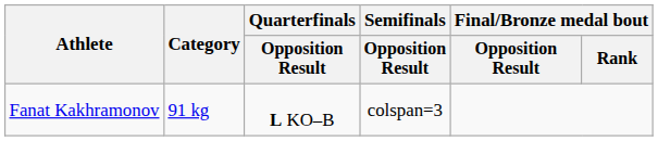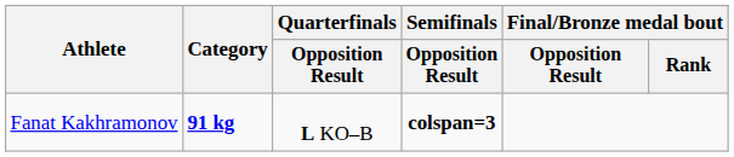 <table class="wikitable" style="text-align:center; font-size:90%">
 <tr>
 <th rowspan=2>Athlete</th>
 <th rowspan=2>Category</th>
 <th>Quarterfinals</th>
 <th>Semifinals</th>
 <th colspan=2>Final/Bronze medal bout</th>
 </tr>
 <tr style="font-size:95%">
 <th>Opposition<br>Result</th>
 <th>Opposition<br>Result</th>
 <th>Opposition<br>Result</th>
 <th>Rank</th>
 </tr>
 <tr>
 <td align=left><a href='#'>Fanat Kakhramonov</a></td>
-<td align=left><a href='#'>91 kg</a></td>
+<td align=left><strong><a href='#'>91 kg</a></strong></td>
 <td><br> <strong>L</strong> KO–B</td>
-<td>colspan=3 </td>
+<td><strong>colspan=3 </strong></td>
 </tr>
 </table>
